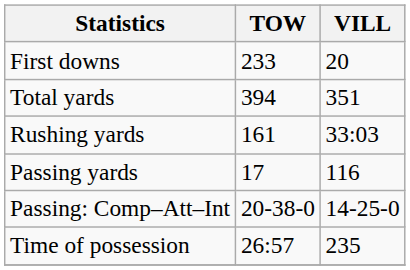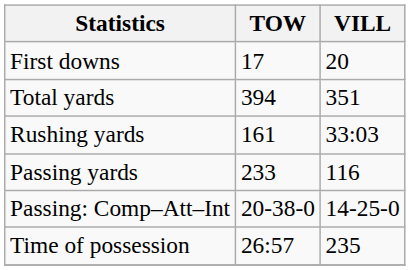 <table class="wikitable" style="float: left;">
 <tr>
 <th>Statistics</th>
 <th>TOW</th>
 <th>VILL</th>
 </tr>
 <tr>
 <td>First downs</td>
-<td>233</td>
+<td>17</td>
 <td>20</td>
 </tr>
 <tr>
 <td>Total yards</td>
 <td>394</td>
 <td>351</td>
 </tr>
 <tr>
 <td>Rushing yards</td>
 <td>161</td>
 <td>33:03</td>
 </tr>
 <tr>
 <td>Passing yards</td>
-<td>17</td>
+<td>233</td>
 <td>116</td>
 </tr>
 <tr>
 <td>Passing: Comp–Att–Int</td>
 <td>20-38-0</td>
 <td>14-25-0</td>
 </tr>
 <tr>
 <td>Time of possession</td>
 <td>26:57</td>
 <td>235</td>
 </tr>
 <tr>
 </tr>
 </table>
